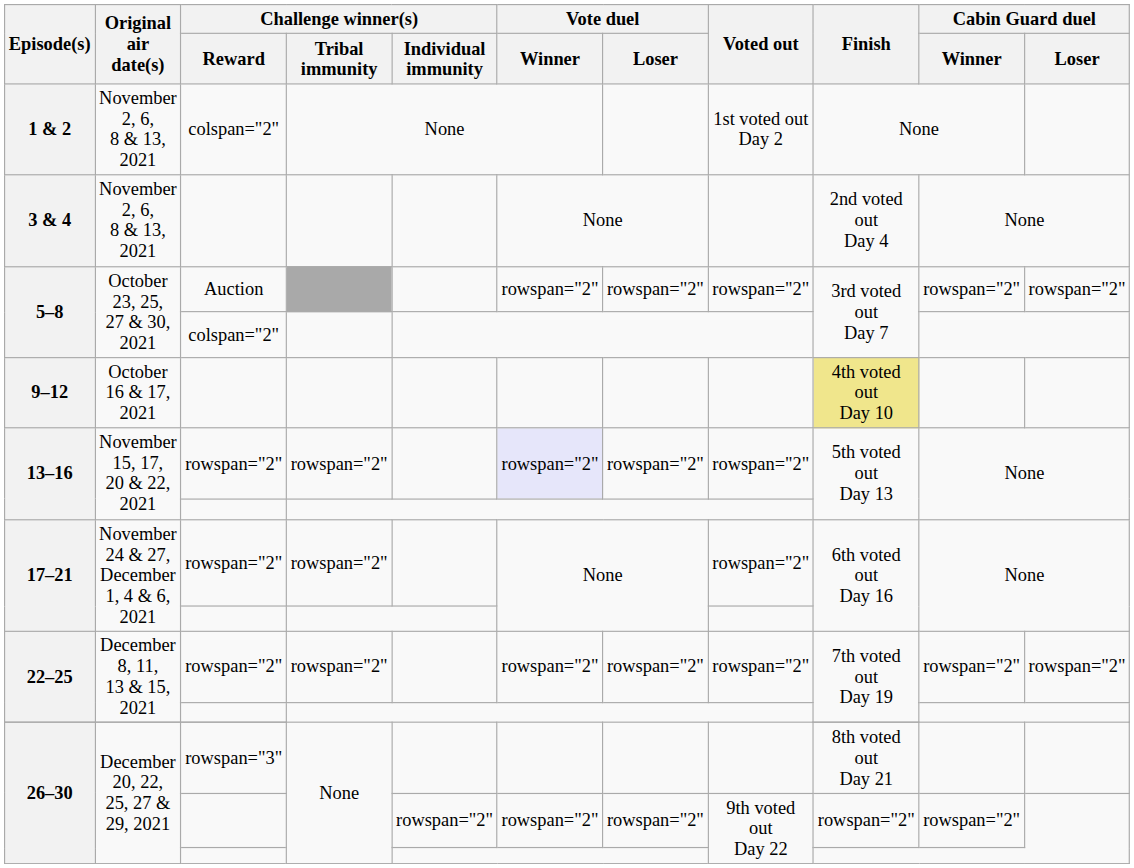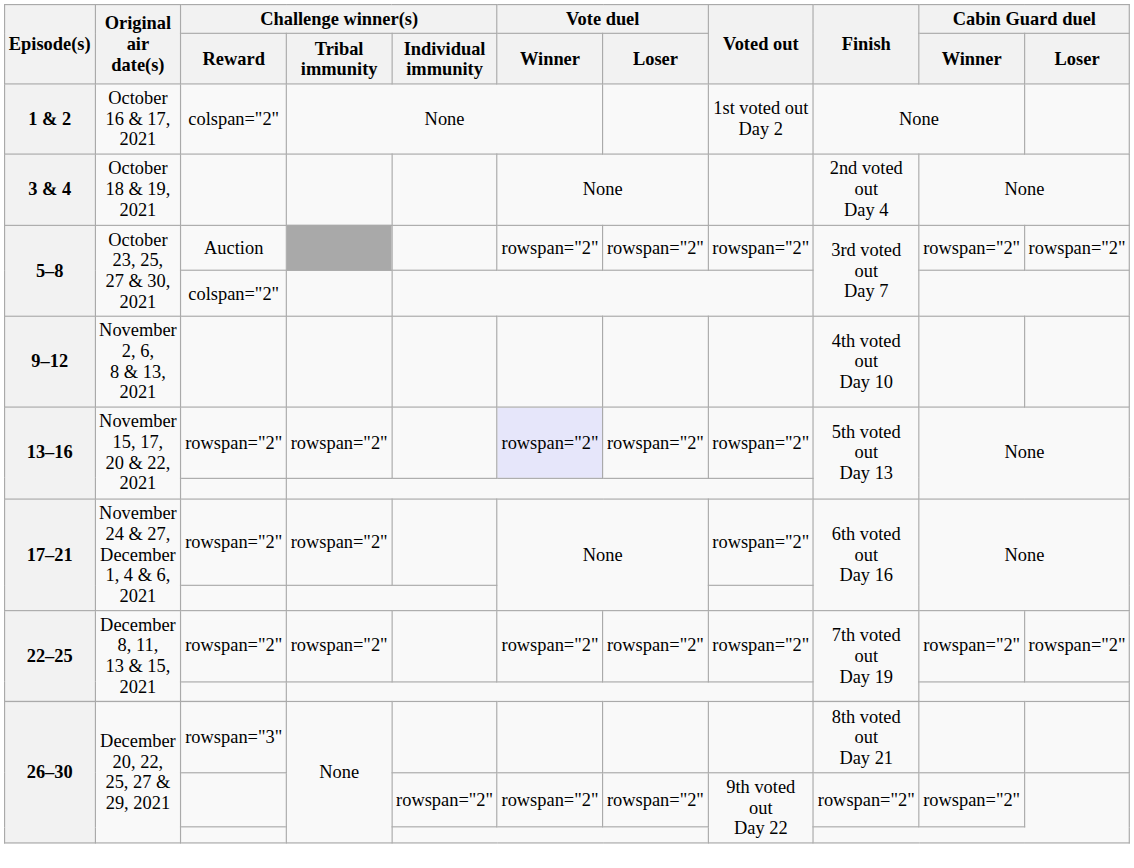 <table class="wikitable plainrowheaders nowrap" style="margin:auto; text-align:center">
 <tr>
 <th scope="col" rowspan="2">Episode(s)</th>
 <th scope="col" rowspan="2">Original air date(s)</th>
 <th scope="col" colspan="3">Challenge winner(s)</th>
 <th scope="col" colspan="2">Vote duel</th>
 <th scope="col" rowspan="2">Voted out</th>
 <th scope="col" rowspan="2">Finish</th>
 <th scope="col" colspan="2">Cabin Guard duel</th>
 </tr>
 <tr>
 <th scope="col">Reward</th>
 <th scope="col">Tribal<br>immunity</th>
 <th scope="col">Individual<br>immunity</th>
 <th scope="col">Winner</th>
 <th scope="col">Loser</th>
 <th scope="col">Winner</th>
 <th scope="col">Loser</th>
 </tr>
 <tr>
 <th>1 & 2</th>
-<td>November 2, 6,<br>8 & 13, 2021</td>
+<td>October 16 & 17, 2021</td>
 <td>colspan="2" </td>
 <td colspan="3">None</td>
 <td></td>
 <td>1st voted out<br>Day 2</td>
 <td colspan="2">None</td>
 </tr>
 <tr>
 <th>3 & 4</th>
-<td>November 2, 6,<br>8 & 13, 2021</td>
+<td>October 18 & 19, 2021</td>
 <td></td>
 <td></td>
 <td></td>
 <td colspan="2">None</td>
 <td></td>
 <td>2nd voted out<br>Day 4</td>
 <td colspan="2">None</td>
 </tr>
 <tr>
 <th rowspan="2">5–8</th>
 <td rowspan="2">October 23, 25,<br>27 & 30, 2021</td>
 <td>Auction</td>
 <td bgcolor="darkgrey"></td>
 <td></td>
 <td>rowspan="2" </td>
 <td>rowspan="2" </td>
 <td>rowspan="2" </td>
 <td rowspan="2">3rd voted out<br>Day 7</td>
 <td>rowspan="2" </td>
 <td>rowspan="2" </td>
 </tr>
 <tr>
 <td>colspan="2" </td>
 <td></td>
 </tr>
 <tr>
 <th>9–12</th>
-<td>October 16 & 17, 2021</td>
+<td>November 2, 6,<br>8 & 13, 2021</td>
 <td></td>
 <td></td>
 <td></td>
 <td></td>
 <td></td>
 <td></td>
-<td style="background: khaki;">4th voted out<br>Day 10</td>
+<td>4th voted out<br>Day 10</td>
 <td></td>
 <td></td>
 </tr>
 <tr>
 <th rowspan="2">13–16</th>
 <td rowspan="2">November 15, 17,<br>20 & 22, 2021</td>
 <td>rowspan="2"  </td>
 <td>rowspan="2"  </td>
 <td></td>
 <td style="background: lavender;">rowspan="2"  </td>
 <td>rowspan="2"  </td>
 <td>rowspan="2"  </td>
 <td rowspan="2">5th voted out<br>Day 13</td>
 <td colspan="2" rowspan="2">None</td>
 </tr>
 <tr>
 <td></td>
 </tr>
 <tr>
 <th rowspan="2">17–21</th>
 <td rowspan="2">November 24 & 27,<br>December 1, 4 & 6, 2021</td>
 <td>rowspan="2"  </td>
 <td>rowspan="2"  </td>
 <td></td>
 <td colspan="2" rowspan="2">None</td>
 <td>rowspan="2" </td>
 <td rowspan="2">6th voted out<br>Day 16</td>
 <td colspan="2" rowspan="2">None</td>
 </tr>
 <tr>
 <td></td>
 </tr>
 <tr>
 <th rowspan="2">22–25</th>
 <td rowspan="2">December 8, 11,<br>13 & 15, 2021</td>
 <td>rowspan="2"  </td>
 <td>rowspan="2"  </td>
 <td></td>
 <td>rowspan="2"  </td>
 <td>rowspan="2" </td>
 <td>rowspan="2" </td>
 <td rowspan="2">7th voted out<br>Day 19</td>
 <td>rowspan="2" </td>
 <td>rowspan="2" </td>
 </tr>
 <tr>
 <td></td>
 </tr>
 <tr>
 </tr>
 <tr>
 <th rowspan="3">26–30</th>
 <td rowspan="3">December 20, 22,<br>25, 27 & 29, 2021</td>
 <td>rowspan="3"  </td>
 <td rowspan="3">None</td>
 <td></td>
 <td></td>
 <td></td>
 <td></td>
 <td>8th voted out<br>Day 21</td>
 <td></td>
 <td></td>
 </tr>
 <tr>
 <td></td>
 <td>rowspan="2" </td>
 <td>rowspan="2" </td>
 <td>rowspan="2" </td>
 <td rowspan="2">9th voted out<br>Day 22</td>
 <td>rowspan="2" </td>
 <td>rowspan="2" </td>
 </tr>
 <tr>
 <td></td>
 </tr>
 </table>
